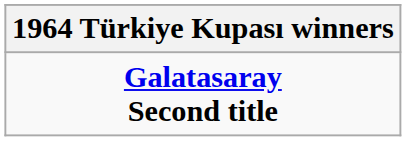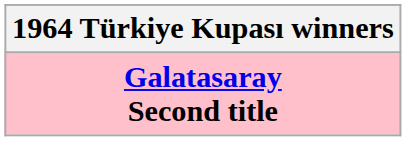 <table class="wikitable" style="text-align: center; margin: 0 auto;">
 <tr>
 <th>1964 Türkiye Kupası winners</th>
 </tr>
 <tr>
-<td><strong><a href='#'>Galatasaray</a></strong><br><strong>Second title</strong></td>
+<td style="background: pink;"><strong><a href='#'>Galatasaray</a></strong><br><strong>Second title</strong></td>
 </tr>
 </table>
